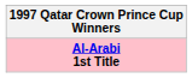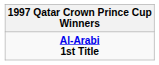 <table class="wikitable" style="text-align: center; margin: 0 auto;">
 <tr>
 <th>1997 Qatar Crown Prince Cup <br> Winners</th>
 </tr>
 <tr>
-<td style="background: pink;"><strong><a href='#'>Al-Arabi</a></strong><br><strong>1st Title</strong></td>
+<td><strong><a href='#'>Al-Arabi</a></strong><br><strong>1st Title</strong></td>
 </tr>
 </table>
